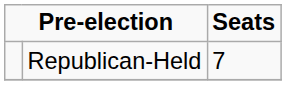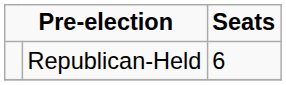 <table class= "wikitable">
 <tr>
 <td colspan= "2" rowspan= "1" align= "center" valign= "top"><strong>Pre-election</strong></td>
 <td valign= "top"><strong>Seats</strong><br></td>
 </tr>
 <tr>
 <td style="background-color:"> </td>
 <td>Republican-Held</td>
-<td>7</td>
+<td>6</td>
 </tr>
 <tr>
 </tr>
 </table>
